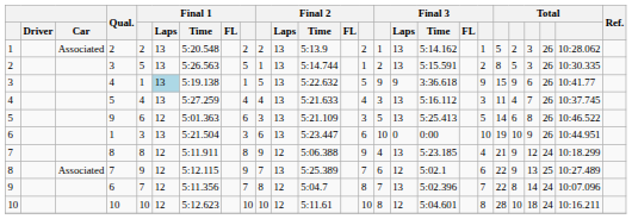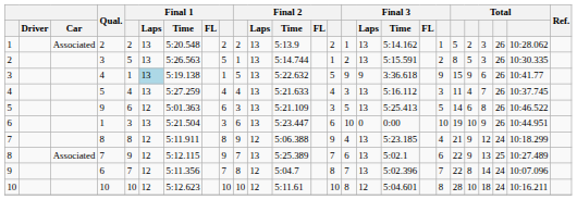 <table class="wikitable" style="font-size:85%;">
 <tr>
 <th colspan="3"></th>
 <th rowspan="2" style="text-align:center;">Qual.</th>
 <th colspan="5" style="text-align:center;">Final 1</th>
 <th colspan="5" style="text-align:center;">Final 2</th>
 <th colspan="5" style="text-align:center;">Final 3</th>
 <th colspan="5" style="text-align:center;">Total</th>
 <th rowspan="2" style="text-align:center;">Ref.</th>
 </tr>
 <tr>
 <th style="text-align:center;"></th>
 <th style="text-align:center;">Driver</th>
 <th style="text-align:center;">Car</th>
 <th style="text-align:center;"></th>
 <th style="text-align:center;">Laps</th>
 <th style="text-align:center;">Time</th>
 <th style="text-align:center;">FL</th>
 <th style="text-align:center;"></th>
 <th style="text-align:center;"></th>
 <th style="text-align:center;">Laps</th>
 <th style="text-align:center;">Time</th>
 <th style="text-align:center;">FL</th>
 <th style="text-align:center;"></th>
 <th style="text-align:center;"></th>
 <th style="text-align:center;">Laps</th>
 <th style="text-align:center;">Time</th>
 <th style="text-align:center;">FL</th>
 <th style="text-align:center;"></th>
 <th style="text-align:center;"></th>
 <th style="text-align:center;"></th>
 <th style="text-align:center;"></th>
 <th style="text-align:center;"></th>
 <th style="text-align:center;"></th>
 </tr>
 <tr>
 <td>1</td>
 <td></td>
 <td>Associated</td>
 <td>2</td>
 <td>2</td>
 <td>13</td>
 <td>5:20.548</td>
 <td></td>
 <td>2</td>
 <td>2</td>
 <td>13</td>
 <td>5:13.9</td>
 <td></td>
 <td>2</td>
 <td>1</td>
 <td>13</td>
 <td>5:14.162</td>
 <td></td>
 <td>1</td>
 <td>5</td>
 <td>2</td>
 <td>3</td>
 <td>26</td>
 <td>10:28.062</td>
 <td></td>
 </tr>
 <tr>
 <td>2</td>
 <td></td>
 <td></td>
 <td>3</td>
 <td>5</td>
 <td>13</td>
 <td>5:26.563</td>
 <td></td>
 <td>5</td>
 <td>1</td>
 <td>13</td>
 <td>5:14.744</td>
 <td></td>
 <td>1</td>
 <td>2</td>
 <td>13</td>
 <td>5:15.591</td>
 <td></td>
 <td>2</td>
 <td>8</td>
 <td>5</td>
 <td>3</td>
 <td>26</td>
 <td>10:30.335</td>
 <td></td>
 </tr>
 <tr>
 <td>3</td>
 <td></td>
 <td></td>
 <td>4</td>
 <td>1</td>
 <td style="background: lightblue;">13</td>
 <td>5:19.138</td>
 <td></td>
 <td>1</td>
 <td>5</td>
 <td>13</td>
 <td>5:22.632</td>
 <td></td>
 <td>5</td>
 <td>9</td>
 <td>9</td>
 <td>3:36.618</td>
 <td></td>
 <td>9</td>
 <td>15</td>
 <td>9</td>
 <td>6</td>
 <td>26</td>
 <td>10:41.77</td>
 <td></td>
 </tr>
 <tr>
 <td>4</td>
 <td></td>
 <td></td>
 <td>5</td>
 <td>4</td>
 <td>13</td>
 <td>5:27.259</td>
 <td></td>
 <td>4</td>
 <td>4</td>
 <td>13</td>
 <td>5:21.633</td>
 <td></td>
 <td>4</td>
 <td>3</td>
 <td>13</td>
 <td>5:16.112</td>
 <td></td>
 <td>3</td>
 <td>11</td>
 <td>4</td>
 <td>7</td>
 <td>26</td>
 <td>10:37.745</td>
 <td></td>
 </tr>
 <tr>
 <td>5</td>
 <td></td>
 <td></td>
 <td>9</td>
 <td>6</td>
 <td>12</td>
 <td>5:01.363</td>
 <td></td>
 <td>6</td>
 <td>3</td>
 <td>13</td>
 <td>5:21.109</td>
 <td></td>
 <td>3</td>
 <td>5</td>
 <td>13</td>
 <td>5:25.413</td>
 <td></td>
 <td>5</td>
 <td>14</td>
 <td>6</td>
 <td>8</td>
 <td>26</td>
 <td>10:46.522</td>
 <td></td>
 </tr>
 <tr>
 <td>6</td>
 <td></td>
 <td></td>
 <td>1</td>
 <td>3</td>
 <td>13</td>
 <td>5:21.504</td>
 <td></td>
 <td>3</td>
 <td>6</td>
 <td>13</td>
 <td>5:23.447</td>
 <td></td>
 <td>6</td>
 <td>10</td>
 <td>0</td>
 <td>0:00</td>
 <td></td>
 <td>10</td>
 <td>19</td>
 <td>10</td>
 <td>9</td>
 <td>26</td>
 <td>10:44.951</td>
 <td></td>
 </tr>
 <tr>
 <td>7</td>
 <td></td>
 <td></td>
 <td>8</td>
 <td>8</td>
 <td>12</td>
 <td>5:11.911</td>
 <td></td>
 <td>8</td>
 <td>9</td>
 <td>12</td>
 <td>5:06.388</td>
 <td></td>
 <td>9</td>
 <td>4</td>
 <td>13</td>
 <td>5:23.185</td>
 <td></td>
 <td>4</td>
 <td>21</td>
 <td>9</td>
 <td>12</td>
 <td>24</td>
 <td>10:18.299</td>
 <td></td>
 </tr>
 <tr>
 <td>8</td>
 <td></td>
 <td>Associated</td>
 <td>7</td>
 <td>9</td>
 <td>12</td>
 <td>5:12.115</td>
 <td></td>
 <td>9</td>
 <td>7</td>
 <td>13</td>
 <td>5:25.389</td>
 <td></td>
 <td>7</td>
 <td>6</td>
-<td>12</td>
+<td>13</td>
 <td>5:02.1</td>
 <td></td>
 <td>6</td>
 <td>22</td>
 <td>9</td>
 <td>13</td>
 <td>25</td>
 <td>10:27.489</td>
 <td></td>
 </tr>
 <tr>
 <td>9</td>
 <td></td>
 <td></td>
 <td>6</td>
 <td>7</td>
 <td>12</td>
 <td>5:11.356</td>
 <td></td>
 <td>7</td>
 <td>8</td>
 <td>12</td>
 <td>5:04.7</td>
 <td></td>
 <td>8</td>
 <td>7</td>
 <td>13</td>
 <td>5:02.396</td>
 <td></td>
 <td>7</td>
 <td>22</td>
 <td>8</td>
 <td>14</td>
 <td>24</td>
 <td>10:07.096</td>
 <td></td>
 </tr>
 <tr>
 <td>10</td>
 <td></td>
 <td></td>
 <td>10</td>
 <td>10</td>
 <td>12</td>
 <td>5:12.623</td>
 <td></td>
 <td>10</td>
 <td>10</td>
 <td>12</td>
 <td>5:11.61</td>
 <td></td>
 <td>10</td>
 <td>8</td>
 <td>12</td>
 <td>5:04.601</td>
 <td></td>
 <td>8</td>
 <td>28</td>
 <td>10</td>
 <td>18</td>
 <td>24</td>
 <td>10:16.211</td>
 <td></td>
 </tr>
 <tr>
 </tr>
 </table>
